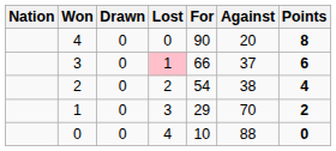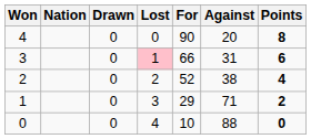 <table class="wikitable" style="text-align: center;">
 <tr>
+<th>Won</th>
 <th>Nation</th>
-<th>Won</th>
 <th>Drawn</th>
 <th>Lost</th>
 <th>For</th>
 <th>Against</th>
 <th>Points</th>
 </tr>
 <tr>
+<td>4</td>
 <td align="left"></td>
-<td>4</td>
 <td>0</td>
 <td>0</td>
 <td>90</td>
 <td>20</td>
 <td><strong>8</strong></td>
 </tr>
 <tr>
+<td>3</td>
 <td align="left"></td>
-<td>3</td>
 <td>0</td>
 <td style="background: pink;">1</td>
 <td>66</td>
-<td>37</td>
+<td>31</td>
 <td><strong>6</strong></td>
 </tr>
 <tr>
+<td>2</td>
 <td align="left"></td>
-<td>2</td>
 <td>0</td>
 <td>2</td>
-<td>54</td>
+<td>52</td>
 <td>38</td>
 <td><strong>4</strong></td>
 </tr>
 <tr>
+<td>1</td>
 <td align="left"></td>
-<td>1</td>
 <td>0</td>
 <td>3</td>
 <td>29</td>
-<td>70</td>
+<td>71</td>
 <td><strong>2</strong></td>
 </tr>
 <tr>
+<td>0</td>
 <td align="left"></td>
-<td>0</td>
 <td>0</td>
 <td>4</td>
 <td>10</td>
 <td>88</td>
 <td><strong>0</strong></td>
 </tr>
 </table>
